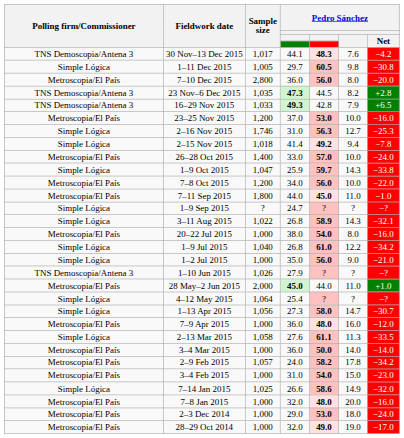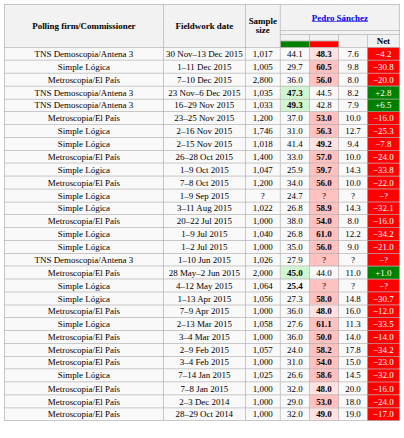 <table class="wikitable collapsible collapsed" style="text-align:center; font-size:90%; line-height:14px;">
 <tr style="height:42px;">
 <th style="width:250px;" rowspan="4">Polling firm/Commissioner</th>
 <th style="width:125px;" rowspan="4">Fieldwork date</th>
 <th style="width:50px;" rowspan="4">Sample size</th>
 <th style="width:185px;" colspan="4"><a href='#'>Pedro Sánchez</a><br></th>
 </tr>
 <tr>
 <th colspan="4" style="background:"></th>
 </tr>
 <tr>
 <th style="width:30px;"></th>
 <th style="width:30px;"></th>
 <th style="width:30px;" rowspan="2"></th>
 <th style="width:30px;" rowspan="2">Net</th>
 </tr>
 <tr>
 <th style="color:inherit;background:#008000;"></th>
 <th style="color:inherit;background:#FF0000;"></th>
 </tr>
 <tr>
 <td>TNS Demoscopia/Antena 3</td>
 <td>30 Nov–13 Dec 2015</td>
 <td>1,017</td>
 <td>44.1</td>
 <td style="background:#FFE2E1;"><strong>48.3</strong></td>
 <td>7.6</td>
 <td style="background:#FF0000; color:white;">−4.2</td>
 </tr>
 <tr>
 <td>Simple Lógica</td>
 <td>1–11 Dec 2015</td>
 <td>1,005</td>
 <td>29.7</td>
 <td style="background:#FFC2C1;"><strong>60.5</strong></td>
 <td>9.8</td>
 <td style="background:#FF0000; color:white;">−30.8</td>
 </tr>
 <tr>
 <td>Metroscopia/El País</td>
 <td>7–10 Dec 2015</td>
 <td>2,800</td>
 <td>36.0</td>
 <td style="background:#FFC2C1;"><strong>56.0</strong></td>
 <td>8.0</td>
 <td style="background:#FF0000; color:white;">−20.0</td>
 </tr>
 <tr>
 <td>TNS Demoscopia/Antena 3</td>
 <td>23 Nov–6 Dec 2015</td>
 <td>1,035</td>
 <td style="background:#D1F5D1;"><strong>47.3</strong></td>
 <td>44.5</td>
 <td>8.2</td>
 <td style="background:#008000; color:white;">+2.8</td>
 </tr>
 <tr>
 <td>TNS Demoscopia/Antena 3</td>
 <td>16–29 Nov 2015</td>
 <td>1,033</td>
 <td style="background:#D1F5D1;"><strong>49.3</strong></td>
 <td>42.8</td>
 <td>7.9</td>
 <td style="background:#008000; color:white;">+6.5</td>
 </tr>
 <tr>
 <td>Metroscopia/El País</td>
 <td>23–25 Nov 2015</td>
 <td>1,200</td>
 <td>37.0</td>
 <td style="background:#FFC2C1;"><strong>53.0</strong></td>
 <td>10.0</td>
 <td style="background:#FF0000; color:white;">−16.0</td>
 </tr>
 <tr>
 <td>Simple Lógica</td>
 <td>2–16 Nov 2015</td>
 <td>1,746</td>
 <td>31.0</td>
 <td style="background:#FFC2C1;"><strong>56.3</strong></td>
 <td>12.7</td>
 <td style="background:#FF0000; color:white;">−25.3</td>
 </tr>
 <tr>
 <td>Simple Lógica</td>
 <td>2–15 Nov 2015</td>
 <td>1,018</td>
 <td>41.4</td>
 <td style="background:#FFE2E1;"><strong>49.2</strong></td>
 <td>9.4</td>
 <td style="background:#FF0000; color:white;">−7.8</td>
 </tr>
 <tr>
 <td>Metroscopia/El País</td>
 <td>26–28 Oct 2015</td>
 <td>1,400</td>
 <td>33.0</td>
 <td style="background:#FFC2C1;"><strong>57.0</strong></td>
 <td>10.0</td>
 <td style="background:#FF0000; color:white;">−24.0</td>
 </tr>
 <tr>
 <td>Simple Lógica</td>
 <td>1–9 Oct 2015</td>
 <td>1,047</td>
 <td>25.9</td>
 <td style="background:#FFC2C1;"><strong>59.7</strong></td>
 <td>14.3</td>
 <td style="background:#FF0000; color:white;">−33.8</td>
 </tr>
 <tr>
 <td>Metroscopia/El País</td>
 <td>7–8 Oct 2015</td>
 <td>1,200</td>
 <td>34.0</td>
 <td style="background:#FFC2C1;"><strong>56.0</strong></td>
 <td>10.0</td>
 <td style="background:#FF0000; color:white;">−22.0</td>
 </tr>
 <tr>
-<td>Metroscopia/El País</td>
-<td>7–11 Sep 2015</td>
-<td>1,800</td>
-<td>44.0</td>
-<td style="background:#FFE2E1;"><strong>45.0</strong></td>
-<td>11.0</td>
-<td style="background:#FF0000; color:white;">−1.0</td>
-</tr>
-<tr>
 <td>Simple Lógica</td>
 <td>1–9 Sep 2015</td>
 <td>?</td>
 <td>24.7</td>
 <td style="background:#FFC2C1;">?</td>
 <td>?</td>
 <td style="background:#FF0000; color:white;">−?</td>
 </tr>
 <tr>
 <td>Simple Lógica</td>
 <td>3–11 Aug 2015</td>
 <td>1,022</td>
 <td>26.8</td>
 <td style="background:#FFC2C1;"><strong>58.9</strong></td>
 <td>14.3</td>
 <td style="background:#FF0000; color:white;">−32.1</td>
 </tr>
 <tr>
 <td>Metroscopia/El País</td>
 <td>20–22 Jul 2015</td>
 <td>1,000</td>
 <td>38.0</td>
 <td style="background:#FFC2C1;"><strong>54.0</strong></td>
 <td>8.0</td>
 <td style="background:#FF0000; color:white;">−16.0</td>
 </tr>
 <tr>
 <td>Simple Lógica</td>
 <td>1–9 Jul 2015</td>
 <td>1,040</td>
 <td>26.8</td>
 <td style="background:#FFC2C1;"><strong>61.0</strong></td>
 <td>12.2</td>
 <td style="background:#FF0000; color:white;">−34.2</td>
 </tr>
 <tr>
 <td>Simple Lógica</td>
 <td>1–2 Jul 2015</td>
 <td>1,000</td>
 <td>35.0</td>
 <td style="background:#FFC2C1;"><strong>56.0</strong></td>
 <td>9.0</td>
 <td style="background:#FF0000; color:white;">−21.0</td>
 </tr>
 <tr>
 <td>TNS Demoscopia/Antena 3</td>
 <td>1–10 Jun 2015</td>
 <td>1,026</td>
 <td>27.9</td>
 <td style="background:#FFC2C1;">?</td>
 <td>?</td>
 <td style="background:#FF0000; color:white;">−?</td>
 </tr>
 <tr>
 <td>Metroscopia/El País</td>
 <td>28 May–2 Jun 2015</td>
 <td>2,000</td>
 <td style="background:#D1F5D1;"><strong>45.0</strong></td>
 <td>44.0</td>
 <td>11.0</td>
 <td style="background:#008000; color:white;">+1.0</td>
 </tr>
 <tr>
 <td>Simple Lógica</td>
 <td>4–12 May 2015</td>
 <td>1,064</td>
-<td>25.4</td>
+<td><strong>25.4</strong></td>
 <td style="background:#FFC2C1;">?</td>
 <td>?</td>
 <td style="background:#FF0000; color:white;">−?</td>
 </tr>
 <tr>
 <td>Simple Lógica</td>
 <td>1–13 Apr 2015</td>
 <td>1,056</td>
 <td>27.3</td>
 <td style="background:#FFC2C1;"><strong>58.0</strong></td>
-<td>14.7</td>
+<td>14.8</td>
 <td style="background:#FF0000; color:white;">−30.7</td>
 </tr>
 <tr>
 <td>Metroscopia/El País</td>
 <td>7–9 Apr 2015</td>
 <td>1,000</td>
 <td>36.0</td>
 <td style="background:#FFE2E1;"><strong>48.0</strong></td>
 <td>16.0</td>
 <td style="background:#FF0000; color:white;">−12.0</td>
 </tr>
 <tr>
 <td>Simple Lógica</td>
 <td>2–13 Mar 2015</td>
 <td>1,058</td>
 <td>27.6</td>
 <td style="background:#FFC2C1;"><strong>61.1</strong></td>
 <td>11.3</td>
 <td style="background:#FF0000; color:white;">−33.5</td>
 </tr>
 <tr>
 <td>Metroscopia/El País</td>
 <td>3–4 Mar 2015</td>
 <td>1,000</td>
 <td>36.0</td>
 <td style="background:#FFC2C1;"><strong>50.0</strong></td>
 <td>14.0</td>
 <td style="background:#FF0000; color:white;">−14.0</td>
 </tr>
 <tr>
 <td>Metroscopia/El País</td>
 <td>2–9 Feb 2015</td>
 <td>1,057</td>
 <td>24.0</td>
 <td style="background:#FFC2C1;"><strong>58.2</strong></td>
 <td>17.8</td>
 <td style="background:#FF0000; color:white;">−34.2</td>
 </tr>
 <tr>
 <td>Metroscopia/El País</td>
 <td>3–4 Feb 2015</td>
 <td>1,000</td>
 <td>31.0</td>
 <td style="background:#FFC2C1;"><strong>54.0</strong></td>
 <td>15.0</td>
 <td style="background:#FF0000; color:white;">−23.0</td>
 </tr>
 <tr>
 <td>Simple Lógica</td>
 <td>7–14 Jan 2015</td>
 <td>1,025</td>
 <td>26.6</td>
 <td style="background:#FFC2C1;"><strong>58.6</strong></td>
-<td>14.9</td>
+<td>14.5</td>
 <td style="background:#FF0000; color:white;">−32.0</td>
 </tr>
 <tr>
 <td>Metroscopia/El País</td>
 <td>7–8 Jan 2015</td>
 <td>1,000</td>
 <td>32.0</td>
 <td style="background:#FFE2E1;"><strong>48.0</strong></td>
 <td>20.0</td>
 <td style="background:#FF0000; color:white;">−16.0</td>
 </tr>
 <tr>
 <td>Metroscopia/El País</td>
 <td>2–3 Dec 2014</td>
 <td>1,000</td>
 <td>29.0</td>
 <td style="background:#FFC2C1;"><strong>53.0</strong></td>
 <td>18.0</td>
 <td style="background:#FF0000; color:white;">−24.0</td>
 </tr>
 <tr>
 <td>Metroscopia/El País</td>
 <td>28–29 Oct 2014</td>
 <td>1,000</td>
 <td>32.0</td>
 <td style="background:#FFE2E1;"><strong>49.0</strong></td>
 <td>19.0</td>
 <td style="background:#FF0000; color:white;">−17.0</td>
 </tr>
 </table>
